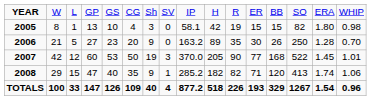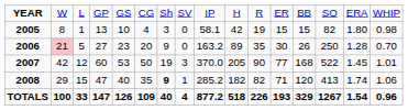 <table class="wikitable">
 <tr align=center>
 <td><strong>YEAR</strong></td>
 <td><a href='#'>W</a></td>
 <td><a href='#'>L</a></td>
 <td><a href='#'>GP</a></td>
 <td><a href='#'>GS</a></td>
 <td><a href='#'>CG</a></td>
 <td><a href='#'>Sh</a></td>
 <td><a href='#'>SV</a></td>
 <td><a href='#'>IP</a></td>
 <td><a href='#'>H</a></td>
 <td><a href='#'>R</a></td>
 <td><a href='#'>ER</a></td>
 <td><a href='#'>BB</a></td>
 <td><a href='#'>SO</a></td>
 <td><a href='#'>ERA</a></td>
 <td><a href='#'>WHIP</a></td>
 </tr>
 <tr align=center>
 <td><strong>2005</strong></td>
 <td>8</td>
 <td>1</td>
 <td>13</td>
 <td>10</td>
 <td>4</td>
 <td>3</td>
 <td>0</td>
 <td>58.1</td>
 <td>42</td>
 <td>19</td>
 <td>15</td>
 <td>15</td>
 <td>82</td>
 <td>1.80</td>
 <td>0.98</td>
 </tr>
 <tr align=center>
 <td><strong>2006</strong></td>
-<td>21</td>
+<td style="background: pink;">21</td>
 <td>5</td>
 <td>27</td>
 <td>23</td>
 <td>20</td>
 <td>9</td>
 <td>0</td>
 <td>163.2</td>
 <td>89</td>
 <td>35</td>
 <td>30</td>
 <td>26</td>
 <td>250</td>
 <td>1.28</td>
 <td>0.70</td>
 </tr>
 <tr align=center>
 <td><strong>2007</strong></td>
 <td>42</td>
 <td>12</td>
 <td>60</td>
 <td>53</td>
 <td>50</td>
 <td>19</td>
 <td>3</td>
 <td>370.0</td>
 <td>205</td>
 <td>90</td>
 <td>77</td>
 <td>168</td>
 <td>522</td>
 <td>1.45</td>
 <td>1.01</td>
 </tr>
 <tr align=center>
 <td><strong>2008</strong></td>
 <td>29</td>
 <td>15</td>
 <td>47</td>
 <td>40</td>
 <td>35</td>
-<td>9</td>
+<td><strong>9</strong></td>
 <td>1</td>
 <td>285.2</td>
 <td>182</td>
 <td>82</td>
 <td>71</td>
 <td>120</td>
 <td>413</td>
 <td>1.74</td>
 <td>1.06</td>
 </tr>
 <tr align=center>
 <td><strong>TOTALS</strong></td>
 <td><strong>100</strong></td>
 <td><strong>33</strong></td>
 <td><strong>147</strong></td>
 <td><strong>126</strong></td>
 <td><strong>109</strong></td>
 <td><strong>40</strong></td>
 <td><strong>4</strong></td>
 <td><strong>877.2</strong></td>
 <td><strong>518</strong></td>
 <td><strong>226</strong></td>
 <td><strong>193</strong></td>
 <td><strong>329</strong></td>
 <td><strong>1267</strong></td>
 <td><strong>1.54</strong></td>
 <td><strong>0.96</strong></td>
 </tr>
 </table>
